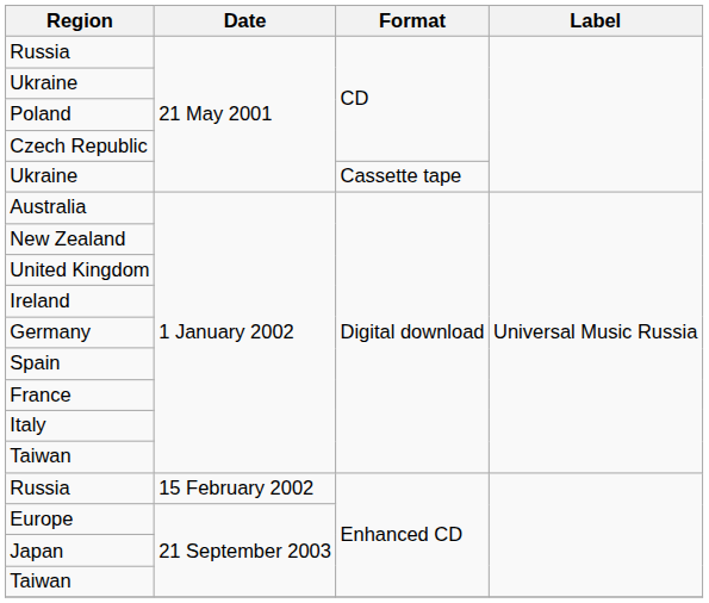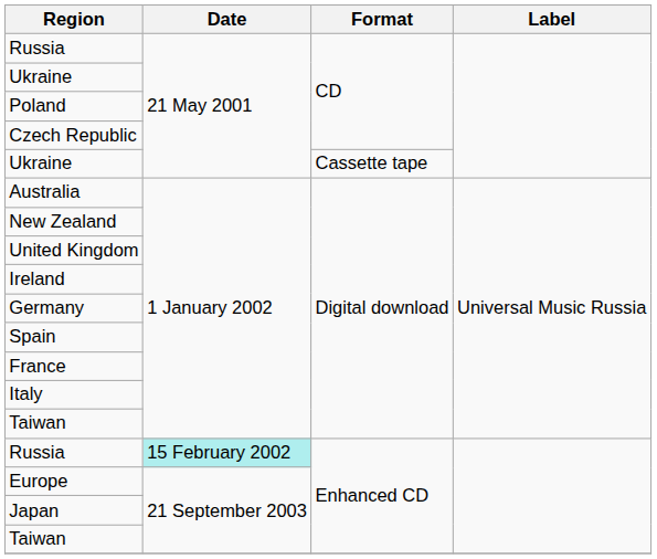 <table class="wikitable plainrowheaders">
 <tr>
 <th scope="col">Region</th>
 <th scope="col">Date</th>
 <th scope="col">Format</th>
 <th scope="col">Label</th>
 </tr>
 <tr>
 <td>Russia</td>
 <td rowspan="5">21 May 2001</td>
 <td rowspan="4">CD</td>
 <td rowspan="5"></td>
 </tr>
 <tr>
 <td>Ukraine</td>
 </tr>
 <tr>
 <td>Poland</td>
 </tr>
 <tr>
 <td>Czech Republic</td>
 </tr>
 <tr>
 <td>Ukraine</td>
 <td>Cassette tape</td>
 </tr>
 <tr>
 <td>Australia</td>
 <td rowspan="9">1 January 2002</td>
 <td rowspan="9">Digital download</td>
 <td rowspan="9">Universal Music Russia</td>
 </tr>
 <tr>
 <td>New Zealand</td>
 </tr>
 <tr>
 <td>United Kingdom</td>
 </tr>
 <tr>
 <td>Ireland</td>
 </tr>
 <tr>
 <td>Germany</td>
 </tr>
 <tr>
 <td>Spain</td>
 </tr>
 <tr>
 <td>France</td>
 </tr>
 <tr>
 <td>Italy</td>
 </tr>
 <tr>
 <td>Taiwan</td>
 </tr>
 <tr>
 <td>Russia</td>
-<td>15 February 2002</td>
+<td style="background: paleturquoise;">15 February 2002</td>
 <td rowspan="4">Enhanced CD</td>
 <td rowspan="4"></td>
 </tr>
 <tr>
 <td>Europe</td>
 <td rowspan="3">21 September 2003</td>
 </tr>
 <tr>
 <td>Japan</td>
 </tr>
 <tr>
 <td>Taiwan</td>
 </tr>
 <tr>
 </tr>
 </table>
